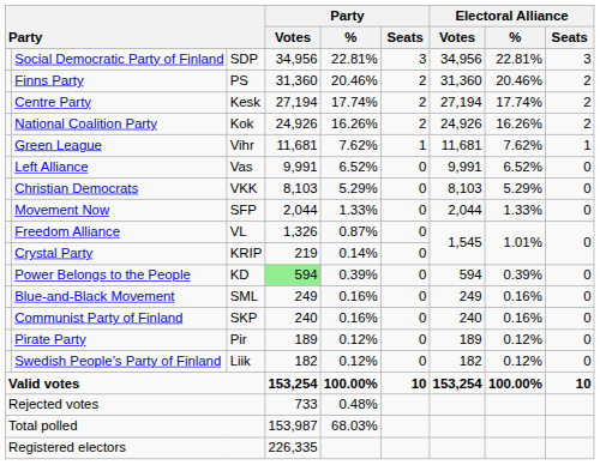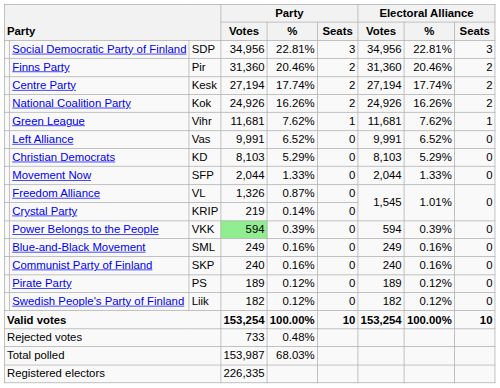 <table class="wikitable" border="1" style="text-align:right;">
 <tr>
 <th style="text-align:left;" valign=bottom rowspan=2 colspan=3>Party</th>
 <th colspan=3>Party</th>
 <th colspan=3>Electoral Alliance</th>
 </tr>
 <tr>
 <th align=center valign=bottom width="50">Votes</th>
 <th align=center valign=bottom width="50">%</th>
 <th align=center valign=bottom width="50">Seats</th>
 <th align=center valign=bottom width="50">Votes</th>
 <th align=center valign=bottom width="50">%</th>
 <th align=center valign=bottom width="50">Seats</th>
 </tr>
 <tr>
 <td></td>
 <td align=left style="white-space: nowrap;"><a href='#'>Social Democratic Party of Finland</a></td>
 <td align=left>SDP</td>
 <td>34,956</td>
 <td>22.81%</td>
 <td>3</td>
 <td>34,956</td>
 <td>22.81%</td>
 <td>3</td>
 </tr>
 <tr>
 <td></td>
 <td align=left><a href='#'>Finns Party</a></td>
-<td align=left>PS</td>
+<td align=left>Pir</td>
 <td>31,360</td>
 <td>20.46%</td>
 <td>2</td>
 <td>31,360</td>
 <td>20.46%</td>
 <td>2</td>
 </tr>
 <tr>
 <td></td>
 <td align=left><a href='#'>Centre Party</a></td>
 <td align=left>Kesk</td>
 <td>27,194</td>
 <td>17.74%</td>
 <td>2</td>
 <td>27,194</td>
 <td>17.74%</td>
 <td>2</td>
 </tr>
 <tr>
 <td></td>
 <td align=left><a href='#'>National Coalition Party</a></td>
 <td align=left>Kok</td>
 <td>24,926</td>
 <td>16.26%</td>
 <td>2</td>
 <td>24,926</td>
 <td>16.26%</td>
 <td>2</td>
 </tr>
 <tr>
 <td></td>
 <td align=left><a href='#'>Green League</a></td>
 <td align=left>Vihr</td>
 <td>11,681</td>
 <td>7.62%</td>
 <td>1</td>
 <td>11,681</td>
 <td>7.62%</td>
 <td>1</td>
 </tr>
 <tr>
 <td></td>
 <td align=left><a href='#'>Left Alliance</a></td>
 <td align=left>Vas</td>
 <td>9,991</td>
 <td>6.52%</td>
 <td>0</td>
 <td>9,991</td>
 <td>6.52%</td>
 <td>0</td>
 </tr>
 <tr>
 <td></td>
 <td align=left><a href='#'>Christian Democrats</a></td>
-<td align=left>VKK</td>
+<td align=left>KD</td>
 <td>8,103</td>
 <td>5.29%</td>
 <td>0</td>
 <td>8,103</td>
 <td>5.29%</td>
 <td>0</td>
 </tr>
 <tr>
 <td></td>
 <td align=left><a href='#'>Movement Now</a></td>
 <td align=left>SFP</td>
 <td>2,044</td>
 <td>1.33%</td>
 <td>0</td>
 <td>2,044</td>
 <td>1.33%</td>
 <td>0</td>
 </tr>
 <tr>
 <td></td>
 <td align=left><a href='#'>Freedom Alliance</a></td>
 <td align=left>VL</td>
 <td>1,326</td>
 <td>0.87%</td>
 <td>0</td>
 <td rowspan=2>1,545</td>
 <td rowspan=2>1.01%</td>
 <td rowspan=2>0</td>
 </tr>
 <tr>
 <td></td>
 <td align=left><a href='#'>Crystal Party</a></td>
 <td align=left>KRIP</td>
 <td>219</td>
 <td>0.14%</td>
 <td>0</td>
 </tr>
 <tr>
 <td></td>
 <td align=left><a href='#'>Power Belongs to the People</a></td>
-<td align=left>KD</td>
+<td align=left>VKK</td>
 <td style="background: lightgreen;">594</td>
 <td>0.39%</td>
 <td>0</td>
 <td>594</td>
 <td>0.39%</td>
 <td>0</td>
 </tr>
 <tr>
 <td></td>
 <td align=left><a href='#'>Blue-and-Black Movement</a></td>
 <td align=left>SML</td>
 <td>249</td>
 <td>0.16%</td>
 <td>0</td>
 <td>249</td>
 <td>0.16%</td>
 <td>0</td>
 </tr>
 <tr>
 <td></td>
 <td align=left><a href='#'>Communist Party of Finland</a></td>
 <td align=left>SKP</td>
 <td>240</td>
 <td>0.16%</td>
 <td>0</td>
 <td>240</td>
 <td>0.16%</td>
 <td>0</td>
 </tr>
 <tr>
 <td></td>
 <td align=left><a href='#'>Pirate Party</a></td>
-<td align=left>Pir</td>
+<td align=left>PS</td>
 <td>189</td>
 <td>0.12%</td>
 <td>0</td>
 <td>189</td>
 <td>0.12%</td>
 <td>0</td>
 </tr>
 <tr>
 <td></td>
 <td align=left><a href='#'>Swedish People's Party of Finland</a></td>
 <td align=left>Liik</td>
 <td>182</td>
 <td>0.12%</td>
 <td>0</td>
 <td>182</td>
 <td>0.12%</td>
 <td>0</td>
 </tr>
 <tr style="font-weight:bold">
 <td align=left colspan=3>Valid votes</td>
 <td>153,254</td>
 <td>100.00%</td>
 <td>10</td>
 <td>153,254</td>
 <td>100.00%</td>
 <td>10</td>
 </tr>
 <tr>
 <td align=left colspan=3>Rejected votes</td>
 <td>733</td>
 <td>0.48%</td>
 <td></td>
 <td></td>
 <td></td>
 <td></td>
 </tr>
 <tr>
 <td align=left colspan=3>Total polled</td>
 <td>153,987</td>
 <td>68.03%</td>
 <td></td>
 <td></td>
 <td></td>
 <td></td>
 </tr>
 <tr>
 <td align=left colspan=3>Registered electors</td>
 <td>226,335</td>
 <td></td>
 <td></td>
 <td></td>
 <td></td>
 <td></td>
 </tr>
 </table>
